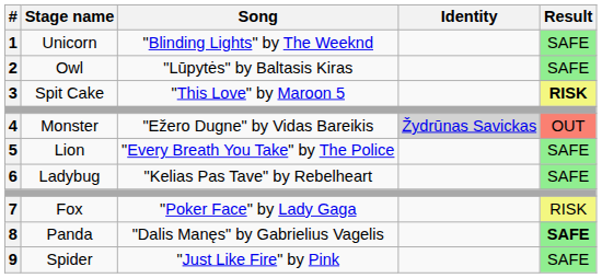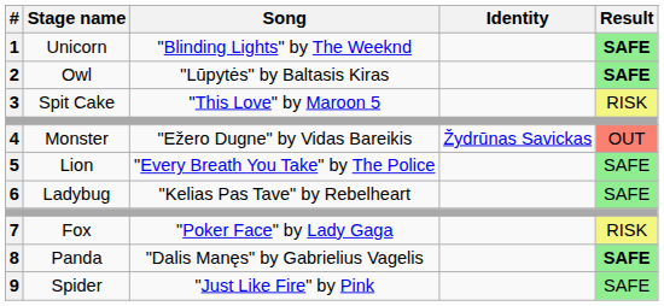 <table class="wikitable plainrowheaders" style="text-align: center;">
 <tr>
 <th>#</th>
 <th>Stage name</th>
 <th>Song</th>
 <th>Identity</th>
 <th>Result</th>
 </tr>
 <tr>
 <th>1</th>
 <td>Unicorn</td>
 <td>"<a href='#'>Blinding Lights</a>" by <a href='#'>The Weeknd</a></td>
 <td></td>
-<td bgcolor="lightgreen">SAFE</td>
+<td bgcolor="lightgreen"><strong>SAFE</strong></td>
 </tr>
 <tr>
 <th>2</th>
 <td>Owl</td>
 <td>"Lūpytės" by Baltasis Kiras</td>
 <td></td>
-<td bgcolor="lightgreen">SAFE</td>
+<td bgcolor="lightgreen"><strong>SAFE</strong></td>
 </tr>
 <tr>
 <th>3</th>
 <td>Spit Cake</td>
 <td>"<a href='#'>This Love</a>" by <a href='#'>Maroon 5</a></td>
 <td></td>
-<td bgcolor="#F3F781"><strong>RISK</strong></td>
+<td bgcolor="#F3F781">RISK</td>
 </tr>
 <tr>
 <td colspan="5" style="background:darkgray"></td>
 </tr>
 <tr>
 <th>4</th>
 <td>Monster</td>
 <td>"Ežero Dugne" by Vidas Bareikis</td>
-<td style="background: lightgrey;"><a href='#'>Žydrūnas Savickas</a></td>
+<td><a href='#'>Žydrūnas Savickas</a></td>
 <td bgcolor=salmon>OUT</td>
 </tr>
 <tr>
 <th>5</th>
 <td>Lion</td>
 <td>"<a href='#'>Every Breath You Take</a>" by <a href='#'>The Police</a></td>
 <td></td>
 <td bgcolor="lightgreen">SAFE</td>
 </tr>
 <tr>
 <th>6</th>
 <td>Ladybug</td>
 <td>"Kelias Pas Tave" by Rebelheart</td>
 <td></td>
 <td bgcolor="lightgreen">SAFE</td>
 </tr>
 <tr>
 <td colspan="5" style="background:darkgray"></td>
 </tr>
 <tr>
 <th>7</th>
 <td>Fox</td>
 <td>"<a href='#'>Poker Face</a>" by <a href='#'>Lady Gaga</a></td>
 <td></td>
 <td bgcolor="#F3F781">RISK</td>
 </tr>
 <tr>
 <th>8</th>
 <td>Panda</td>
 <td>"Dalis Manęs" by Gabrielius Vagelis</td>
 <td></td>
 <td bgcolor="lightgreen"><strong>SAFE</strong></td>
 </tr>
 <tr>
 <th>9</th>
 <td>Spider</td>
 <td>"<a href='#'>Just Like Fire</a>" by <a href='#'>Pink</a></td>
 <td></td>
 <td bgcolor="lightgreen">SAFE</td>
 </tr>
 </table>
